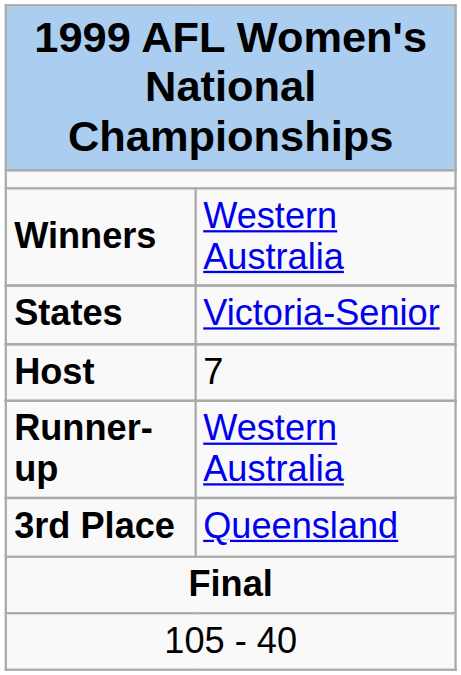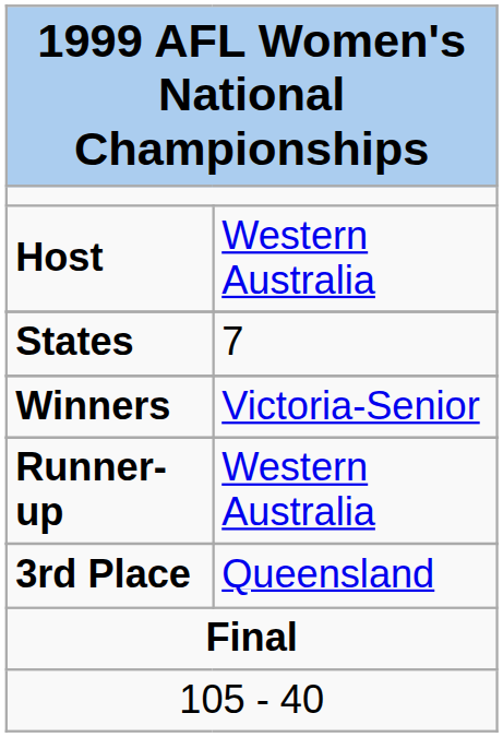 <table class="wikitable" align="right" width="200" style="margin-left:0.3em">
 <tr>
 <th style="background:#ABCDEF" align="center" colspan="2"><big>1999 AFL Women's National Championships</big></th>
 </tr>
 <tr>
 <td colspan="2" style="text-align: center;"></td>
 </tr>
 <tr>
-<td><strong>Winners</strong></td>
+<td><strong>Host</strong></td>
 <td><a href='#'>Western Australia</a></td>
 </tr>
 <tr style="text-align:center;">
 </tr>
 <tr>
 <td><strong>States</strong></td>
-<td><a href='#'>Victoria-Senior</a></td>
+<td>7</td>
 </tr>
 <tr style="text-align:center;">
 </tr>
 <tr>
-<td><strong>Host</strong></td>
-<td>7</td>
+<td><strong>Winners</strong></td>
+<td><a href='#'>Victoria-Senior</a></td>
 </tr>
 <tr style="text-align:center;">
 </tr>
 <tr>
 <td><strong>Runner-up</strong></td>
 <td><a href='#'>Western Australia</a></td>
 </tr>
 <tr style="text-align:center;">
 </tr>
 <tr>
 <td><strong>3rd Place</strong></td>
 <td><a href='#'>Queensland</a></td>
 </tr>
 <tr style="text-align:center;">
 <td colspan="2"><strong>Final</strong></td>
 </tr>
 <tr style="text-align:center;">
 <td colspan="2">105 - 40</td>
 </tr>
 </table>
